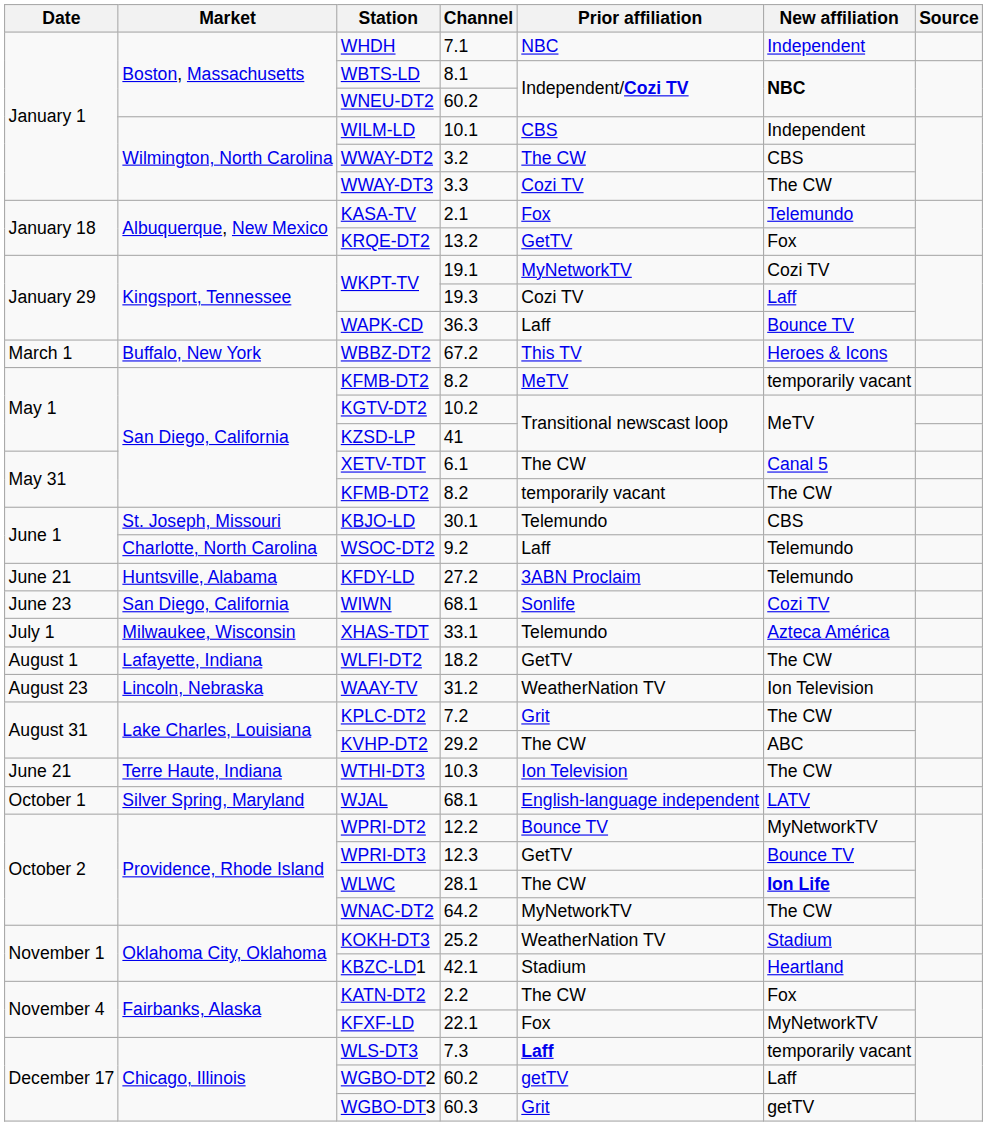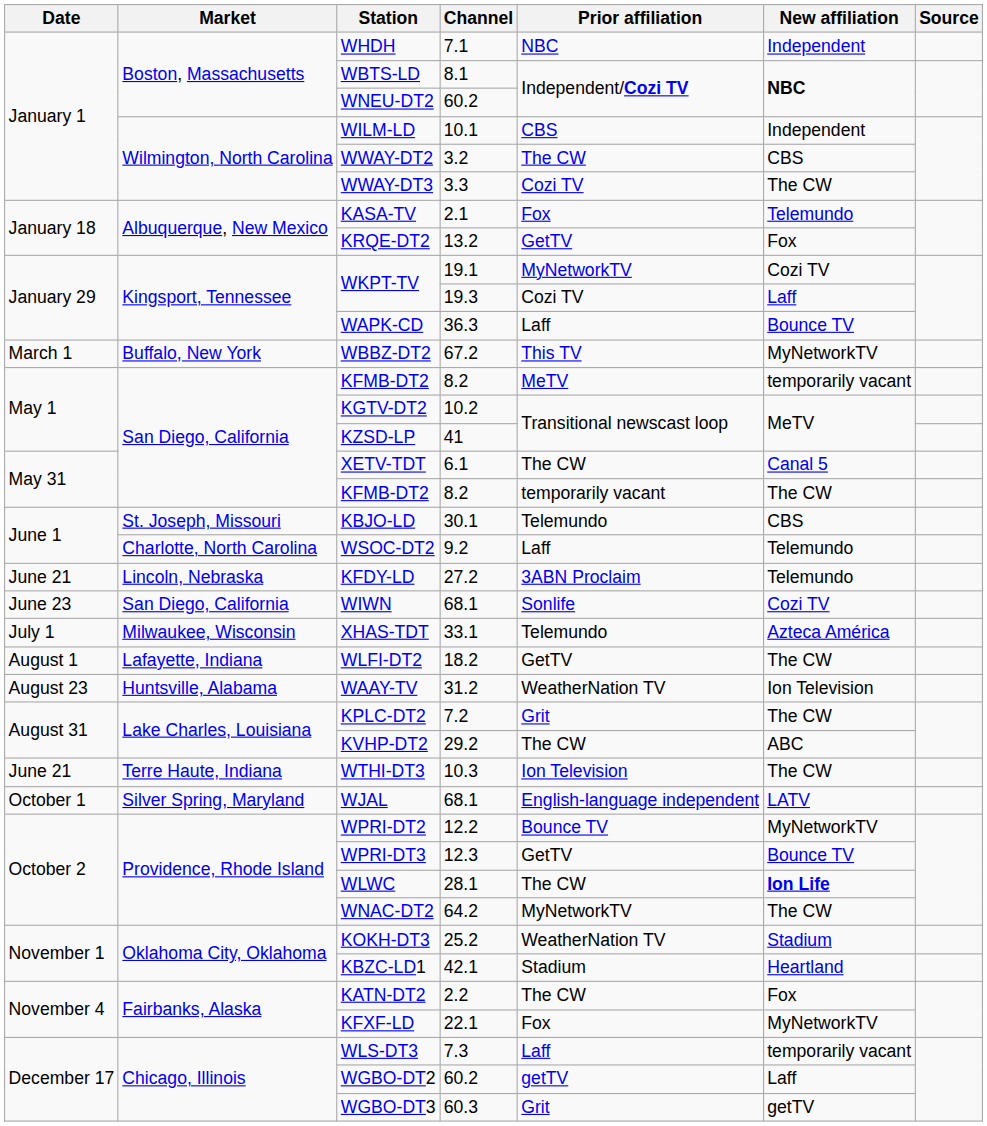 <table class="wikitable">
 <tr>
 <th>Date</th>
 <th>Market</th>
 <th>Station</th>
 <th>Channel</th>
 <th>Prior affiliation</th>
 <th>New affiliation</th>
 <th>Source</th>
 </tr>
 <tr>
 <td rowspan="6">January 1</td>
 <td rowspan="3"><a href='#'>Boston</a>, <a href='#'>Massachusetts</a><br></td>
 <td><a href='#'>WHDH</a></td>
 <td>7.1</td>
 <td><a href='#'>NBC</a></td>
 <td><a href='#'>Independent</a></td>
 <td></td>
 </tr>
 <tr>
 <td><a href='#'>WBTS-LD</a></td>
 <td>8.1</td>
 <td rowspan="2">Independent/<strong><a href='#'>Cozi TV</a></strong></td>
 <td rowspan="2"><strong>NBC</strong></td>
 <td rowspan="2"></td>
 </tr>
 <tr>
 <td><a href='#'>WNEU-DT2</a></td>
 <td>60.2</td>
 </tr>
 <tr>
 <td rowspan="3"><a href='#'>Wilmington, North Carolina</a></td>
 <td><a href='#'>WILM-LD</a></td>
 <td>10.1</td>
 <td><a href='#'>CBS</a></td>
 <td>Independent</td>
 <td rowspan="3"></td>
 </tr>
 <tr>
 <td><a href='#'>WWAY-DT2</a></td>
 <td>3.2</td>
 <td><a href='#'>The CW</a></td>
 <td>CBS</td>
 </tr>
 <tr>
 <td><a href='#'>WWAY-DT3</a></td>
 <td>3.3</td>
 <td><a href='#'>Cozi TV</a></td>
 <td>The CW</td>
 </tr>
 <tr>
 <td rowspan="2">January 18</td>
 <td rowspan="2"><a href='#'>Albuquerque</a>, <a href='#'>New Mexico</a></td>
 <td><a href='#'>KASA-TV</a></td>
 <td>2.1</td>
 <td><a href='#'>Fox</a></td>
 <td><a href='#'>Telemundo</a></td>
 <td rowspan="2"></td>
 </tr>
 <tr>
 <td><a href='#'>KRQE-DT2</a></td>
 <td>13.2</td>
 <td><a href='#'>GetTV</a></td>
 <td>Fox</td>
 </tr>
 <tr>
 <td rowspan="3">January 29</td>
 <td rowspan="3"><a href='#'>Kingsport, Tennessee</a></td>
 <td rowspan="2"><a href='#'>WKPT-TV</a></td>
 <td>19.1</td>
 <td><a href='#'>MyNetworkTV</a></td>
 <td>Cozi TV</td>
 <td rowspan="3"></td>
 </tr>
 <tr>
 <td>19.3</td>
 <td>Cozi TV</td>
 <td><a href='#'>Laff</a></td>
 </tr>
 <tr>
 <td><a href='#'>WAPK-CD</a></td>
 <td>36.3</td>
 <td>Laff</td>
 <td><a href='#'>Bounce TV</a></td>
 </tr>
 <tr>
 <td>March 1</td>
 <td><a href='#'>Buffalo, New York</a><br></td>
 <td><a href='#'>WBBZ-DT2</a></td>
 <td>67.2</td>
 <td><a href='#'>This TV</a></td>
-<td><a href='#'>Heroes & Icons</a></td>
+<td>MyNetworkTV</td>
 <td></td>
 </tr>
 <tr>
 <td rowspan="3">May 1</td>
 <td rowspan="5"><a href='#'>San Diego, California</a></td>
 <td><a href='#'>KFMB-DT2</a></td>
 <td>8.2</td>
 <td><a href='#'>MeTV</a></td>
 <td>temporarily vacant</td>
 <td></td>
 </tr>
 <tr>
 <td><a href='#'>KGTV-DT2</a></td>
 <td>10.2</td>
 <td rowspan="2">Transitional newscast loop<br></td>
 <td rowspan="2">MeTV</td>
 <td></td>
 </tr>
 <tr>
 <td><a href='#'>KZSD-LP</a></td>
 <td>41</td>
 <td></td>
 </tr>
 <tr>
 <td rowspan="2">May 31</td>
 <td><a href='#'>XETV-TDT</a></td>
 <td>6.1</td>
 <td>The CW</td>
 <td><a href='#'>Canal 5</a></td>
 <td></td>
 </tr>
 <tr>
 <td><a href='#'>KFMB-DT2</a></td>
 <td>8.2</td>
 <td>temporarily vacant</td>
 <td>The CW</td>
 <td></td>
 </tr>
 <tr>
 <td rowspan="2">June 1</td>
 <td><a href='#'>St. Joseph, Missouri</a></td>
 <td><a href='#'>KBJO-LD</a></td>
 <td>30.1</td>
 <td>Telemundo<br></td>
 <td>CBS<br></td>
 <td></td>
 </tr>
 <tr>
 <td><a href='#'>Charlotte, North Carolina</a></td>
 <td><a href='#'>WSOC-DT2</a></td>
 <td>9.2</td>
 <td>Laff</td>
 <td>Telemundo</td>
 <td></td>
 </tr>
 <tr>
 <td>June 21</td>
-<td><a href='#'>Huntsville, Alabama</a></td>
+<td><a href='#'>Lincoln, Nebraska</a></td>
 <td><a href='#'>KFDY-LD</a></td>
 <td>27.2</td>
 <td><a href='#'>3ABN Proclaim</a></td>
 <td>Telemundo<br></td>
 <td></td>
 </tr>
 <tr>
 <td>June 23</td>
 <td><a href='#'>San Diego, California</a></td>
 <td><a href='#'>WIWN</a></td>
 <td>68.1</td>
 <td><a href='#'>Sonlife</a></td>
 <td><a href='#'>Cozi TV</a><br></td>
 <td></td>
 </tr>
 <tr>
 <td>July 1</td>
 <td><a href='#'>Milwaukee, Wisconsin</a><br></td>
 <td><a href='#'>XHAS-TDT</a></td>
 <td>33.1</td>
 <td>Telemundo</td>
 <td><a href='#'>Azteca América</a></td>
 <td></td>
 </tr>
 <tr>
 <td>August 1</td>
 <td><a href='#'>Lafayette, Indiana</a></td>
 <td><a href='#'>WLFI-DT2</a></td>
 <td>18.2</td>
 <td>GetTV</td>
 <td>The CW</td>
 <td></td>
 </tr>
 <tr>
 <td>August 23</td>
-<td><a href='#'>Lincoln, Nebraska</a></td>
+<td><a href='#'>Huntsville, Alabama</a></td>
 <td><a href='#'>WAAY-TV</a></td>
 <td>31.2</td>
 <td>WeatherNation TV</td>
 <td>Ion Television</td>
 <td></td>
 </tr>
 <tr>
 <td rowspan="2">August 31</td>
 <td rowspan="2"><a href='#'>Lake Charles, Louisiana</a></td>
 <td><a href='#'>KPLC-DT2</a></td>
 <td>7.2</td>
 <td><a href='#'>Grit</a><br></td>
 <td>The CW</td>
 <td rowspan="2"></td>
 </tr>
 <tr>
 <td><a href='#'>KVHP-DT2</a></td>
 <td>29.2</td>
 <td>The CW</td>
 <td>ABC</td>
 </tr>
 <tr>
 <td>June 21</td>
 <td><a href='#'>Terre Haute, Indiana</a></td>
 <td><a href='#'>WTHI-DT3</a></td>
 <td>10.3</td>
 <td><a href='#'>Ion Television</a></td>
 <td>The CW</td>
 <td></td>
 </tr>
 <tr>
 <td>October 1</td>
 <td><a href='#'>Silver Spring, Maryland</a><br></td>
 <td><a href='#'>WJAL</a></td>
 <td>68.1</td>
 <td><a href='#'>English-language independent</a></td>
 <td><a href='#'>LATV</a></td>
 <td></td>
 </tr>
 <tr>
 <td rowspan="4">October 2</td>
 <td rowspan="4"><a href='#'>Providence, Rhode Island</a></td>
 <td><a href='#'>WPRI-DT2</a></td>
 <td>12.2</td>
 <td><a href='#'>Bounce TV</a></td>
 <td>MyNetworkTV</td>
 <td rowspan="4"></td>
 </tr>
 <tr>
 <td><a href='#'>WPRI-DT3</a></td>
 <td>12.3</td>
 <td>GetTV</td>
 <td><a href='#'>Bounce TV</a></td>
 </tr>
 <tr>
 <td><a href='#'>WLWC</a></td>
 <td>28.1</td>
 <td>The CW</td>
 <td><strong><a href='#'>Ion Life</a></strong></td>
 </tr>
 <tr>
 <td><a href='#'>WNAC-DT2</a></td>
 <td>64.2</td>
 <td>MyNetworkTV</td>
 <td>The CW</td>
 </tr>
 <tr>
 <td rowspan="2">November 1</td>
 <td rowspan="2"><a href='#'>Oklahoma City, Oklahoma</a></td>
 <td><a href='#'>KOKH-DT3</a></td>
 <td>25.2</td>
 <td>WeatherNation TV</td>
 <td><a href='#'>Stadium</a></td>
 <td></td>
 </tr>
 <tr>
 <td><a href='#'>KBZC-LD</a>1</td>
 <td>42.1</td>
 <td>Stadium</td>
 <td><a href='#'>Heartland</a></td>
 <td></td>
 </tr>
 <tr>
 <td rowspan="2">November 4</td>
 <td rowspan="2"><a href='#'>Fairbanks, Alaska</a></td>
 <td><a href='#'>KATN-DT2</a></td>
 <td>2.2</td>
 <td>The CW<br></td>
 <td>Fox</td>
 <td rowspan="2"></td>
 </tr>
 <tr>
 <td><a href='#'>KFXF-LD</a></td>
 <td>22.1</td>
 <td>Fox</td>
 <td>MyNetworkTV</td>
 </tr>
 <tr>
 <td rowspan="3">December 17</td>
 <td rowspan="3"><a href='#'>Chicago, Illinois</a></td>
 <td><a href='#'>WLS-DT3</a></td>
 <td>7.3</td>
-<td><strong><a href='#'>Laff</a> </strong></td>
+<td><a href='#'>Laff</a> </td>
 <td>temporarily vacant</td>
 <td rowspan="4"></td>
 </tr>
 <tr>
 <td><a href='#'>WGBO-DT</a>2</td>
 <td>60.2</td>
 <td><a href='#'>getTV</a></td>
 <td>Laff </td>
 </tr>
 <tr>
 <td><a href='#'>WGBO-DT</a>3</td>
 <td>60.3</td>
 <td><a href='#'>Grit</a></td>
 <td>getTV</td>
 </tr>
 </table>
